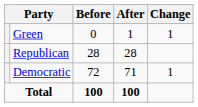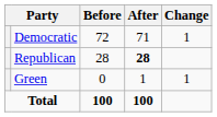 <table class="wikitable" style="text-align:center;">
 <tr>
 <th colspan="2">Party</th>
 <th>Before</th>
 <th>After</th>
 <th>Change</th>
 </tr>
 <tr>
 <th style="background-color:"></th>
-<td style="text-align:left;"><a href='#'>Green</a></td>
-<td>0</td>
-<td>1</td>
+<td style="text-align:left;"><a href='#'>Democratic</a></td>
+<td>72</td>
+<td>71</td>
 <td> 1</td>
 </tr>
 <tr>
 <th style="background-color:"></th>
 <td style="text-align:left;"><a href='#'>Republican</a></td>
 <td>28</td>
-<td>28</td>
+<td><strong>28</strong></td>
 <td></td>
 </tr>
 <tr>
 <th style="background-color:"></th>
-<td style="text-align:left;"><a href='#'>Democratic</a></td>
-<td>72</td>
-<td>71</td>
+<td style="text-align:left;"><a href='#'>Green</a></td>
+<td>0</td>
+<td>1</td>
 <td> 1</td>
 </tr>
 <tr>
 <td colspan="2"><strong>Total</strong></td>
 <td><strong>100</strong></td>
 <td><strong>100</strong></td>
 <td></td>
 </tr>
 </table>
